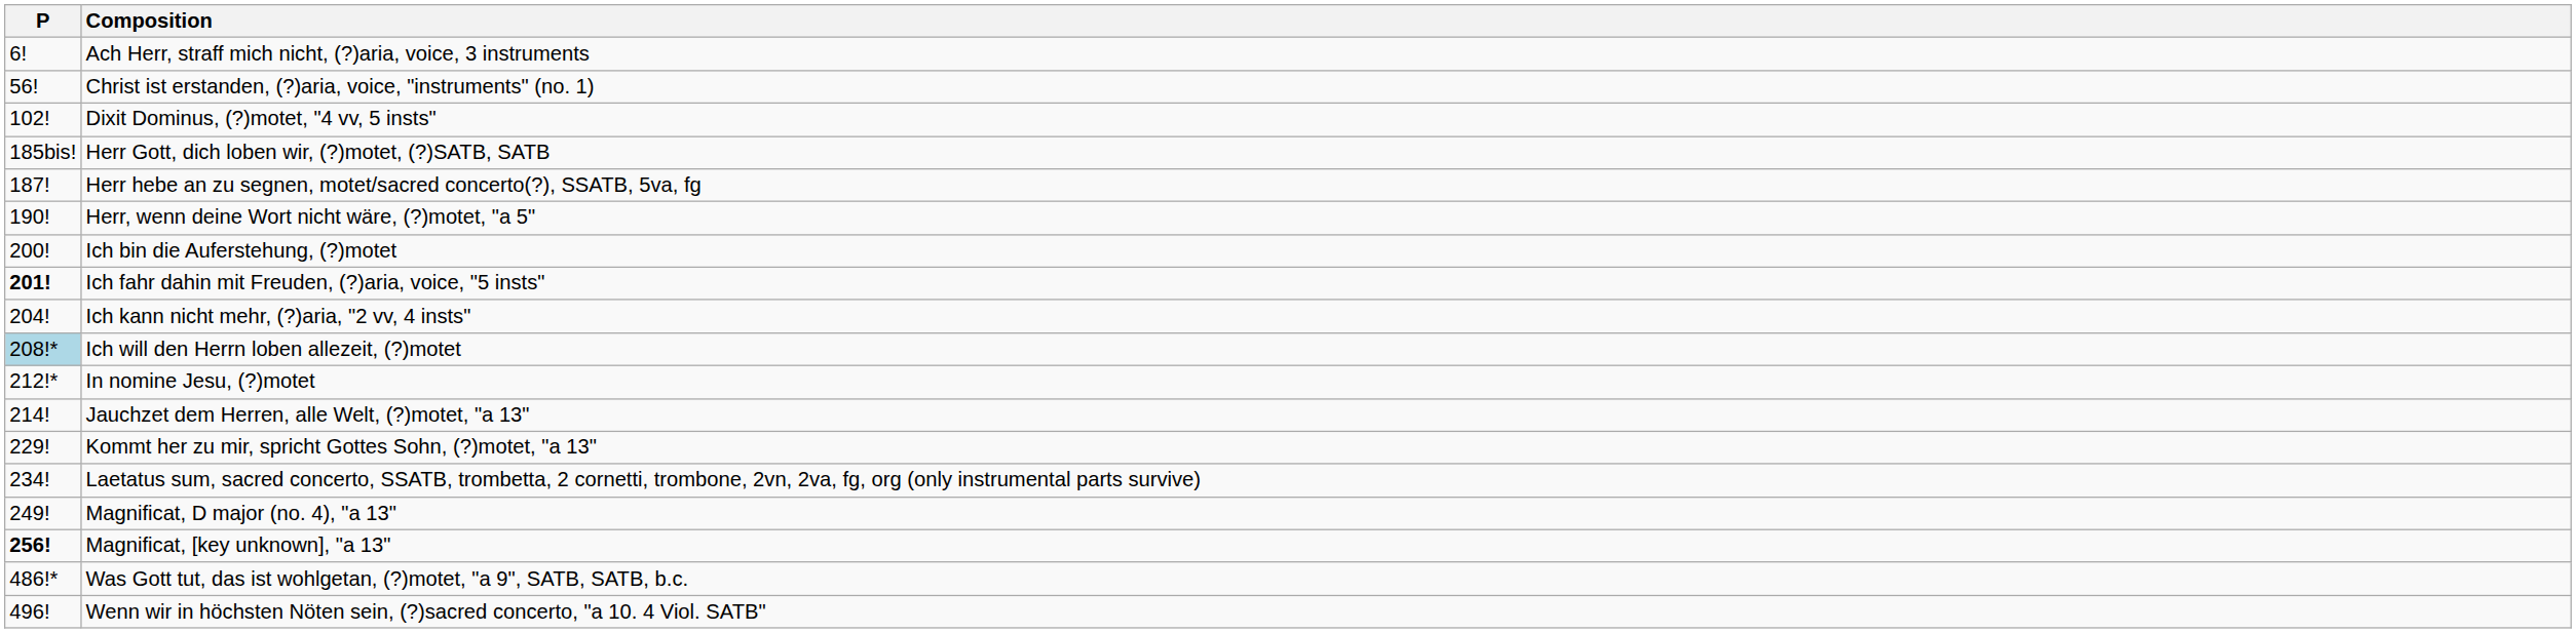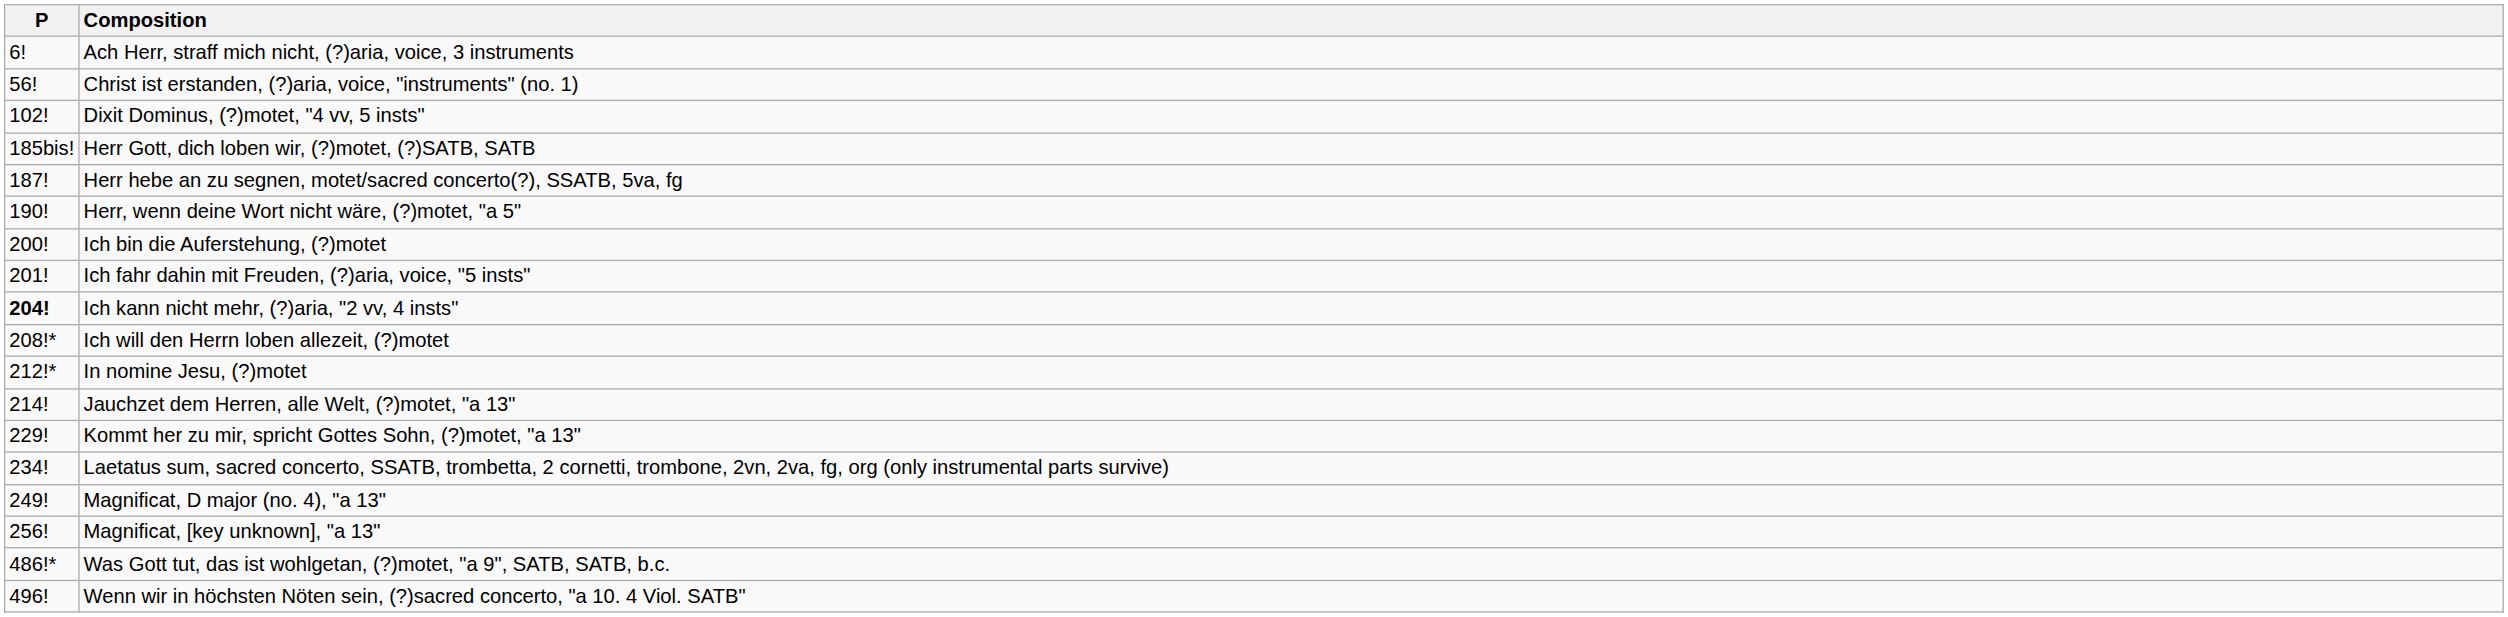 <table class="wikitable" width="100%">
 <tr>
 <th width="32">P</th>
 <th style="text-align: left;">Composition</th>
 </tr>
 <tr>
 <td>6!</td>
 <td>Ach Herr, straff mich nicht, (?)aria, voice, 3 instruments</td>
 </tr>
 <tr>
 <td>56!</td>
 <td>Christ ist erstanden, (?)aria, voice, "instruments" (no. 1)</td>
 </tr>
 <tr>
 <td>102!</td>
 <td>Dixit Dominus, (?)motet, "4 vv, 5 insts"</td>
 </tr>
 <tr>
 <td>185bis!</td>
 <td>Herr Gott, dich loben wir, (?)motet, (?)SATB, SATB</td>
 </tr>
 <tr>
 <td>187!</td>
 <td>Herr hebe an zu segnen, motet/sacred concerto(?), SSATB, 5va, fg</td>
 </tr>
 <tr>
 <td>190!</td>
 <td>Herr, wenn deine Wort nicht wäre, (?)motet, "a 5"</td>
 </tr>
 <tr>
 <td>200!</td>
 <td>Ich bin die Auferstehung, (?)motet</td>
 </tr>
 <tr>
-<td><strong>201!</strong></td>
+<td>201!</td>
 <td>Ich fahr dahin mit Freuden, (?)aria, voice, "5 insts"</td>
 </tr>
 <tr>
-<td>204!</td>
+<td><strong>204!</strong></td>
 <td>Ich kann nicht mehr, (?)aria, "2 vv, 4 insts"</td>
 </tr>
 <tr>
-<td style="background: lightblue;">208!*</td>
+<td>208!*</td>
 <td>Ich will den Herrn loben allezeit, (?)motet</td>
 </tr>
 <tr>
 <td>212!*</td>
 <td>In nomine Jesu, (?)motet</td>
 </tr>
 <tr>
 <td>214!</td>
 <td>Jauchzet dem Herren, alle Welt, (?)motet, "a 13"</td>
 </tr>
 <tr>
 <td>229!</td>
 <td>Kommt her zu mir, spricht Gottes Sohn, (?)motet, "a 13"</td>
 </tr>
 <tr>
 <td>234!</td>
 <td>Laetatus sum, sacred concerto, SSATB, trombetta, 2 cornetti, trombone, 2vn, 2va, fg, org (only instrumental parts survive)</td>
 </tr>
 <tr>
 <td>249!</td>
 <td>Magnificat, D major (no. 4), "a 13"</td>
 </tr>
 <tr>
-<td><strong>256!</strong></td>
+<td>256!</td>
 <td>Magnificat, [key unknown], "a 13"</td>
 </tr>
 <tr>
 <td>486!*</td>
 <td>Was Gott tut, das ist wohlgetan, (?)motet, "a 9", SATB, SATB, b.c.</td>
 </tr>
 <tr>
 <td>496!</td>
 <td>Wenn wir in höchsten Nöten sein, (?)sacred concerto, "a 10. 4 Viol. SATB"</td>
 </tr>
 </table>
